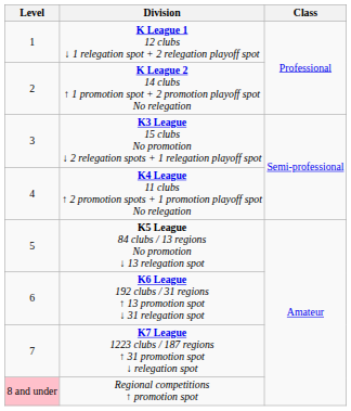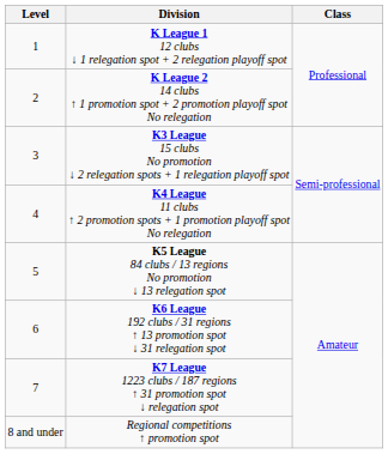 <table class="wikitable" style="text-align: center;">
 <tr>
 <th>Level</th>
 <th>Division</th>
 <th>Class</th>
 </tr>
 <tr>
 <td>1</td>
 <td><strong><a href='#'>K League 1</a></strong><br> <em>12 clubs</em><br> <em>↓ 1 relegation spot + 2 relegation playoff spot</em></td>
 <td rowspan=2><a href='#'>Professional</a></td>
 </tr>
 <tr>
 <td>2</td>
 <td><strong><a href='#'>K League 2</a></strong><br><em>14 clubs</em><br><em>↑ 1 promotion spot + 2 promotion playoff spot</em><br><em>No relegation</em></td>
 </tr>
 <tr>
 <td>3</td>
 <td><strong><a href='#'>K3 League</a></strong><br><em>15 clubs</em><br><em>No promotion</em><br><em>↓ 2 relegation spots + 1 relegation playoff spot</em></td>
 <td rowspan=2><a href='#'>Semi-professional</a></td>
 </tr>
 <tr>
 <td>4</td>
 <td><strong><a href='#'>K4 League</a></strong><br><em>11 clubs</em><br><em>↑ 2 promotion spots + 1 promotion playoff spot</em><br><em>No relegation</em></td>
 </tr>
 <tr>
 <td>5</td>
 <td><strong>K5 League</strong><br><em>84 clubs / 13 regions</em><br><em>No promotion</em> <br><em>↓ 13 relegation spot</em></td>
 <td rowspan=4><a href='#'>Amateur</a></td>
 </tr>
 <tr>
 <td>6</td>
 <td><strong><a href='#'>K6 League</a></strong><br><em>192 clubs / 31 regions</em><br><em>↑ 13 promotion spot</em><br><em>↓ 31 relegation spot</em></td>
 </tr>
 <tr>
 <td>7</td>
 <td><strong><a href='#'>K7 League</a></strong><br><em>1223 clubs / 187 regions</em><br><em>↑ 31 promotion spot</em><br><em>↓ relegation spot</em></td>
 </tr>
 <tr>
-<td style="background: pink;">8 and under</td>
+<td>8 and under</td>
 <td><em>Regional competitions</em><br><em>↑ promotion spot</em></td>
 </tr>
 </table>
